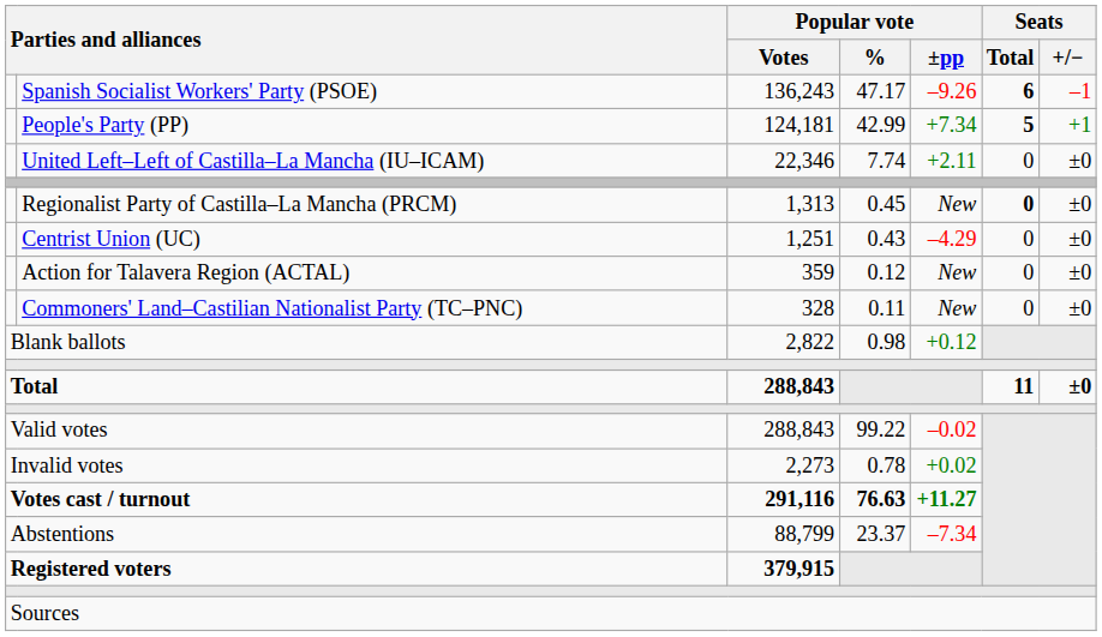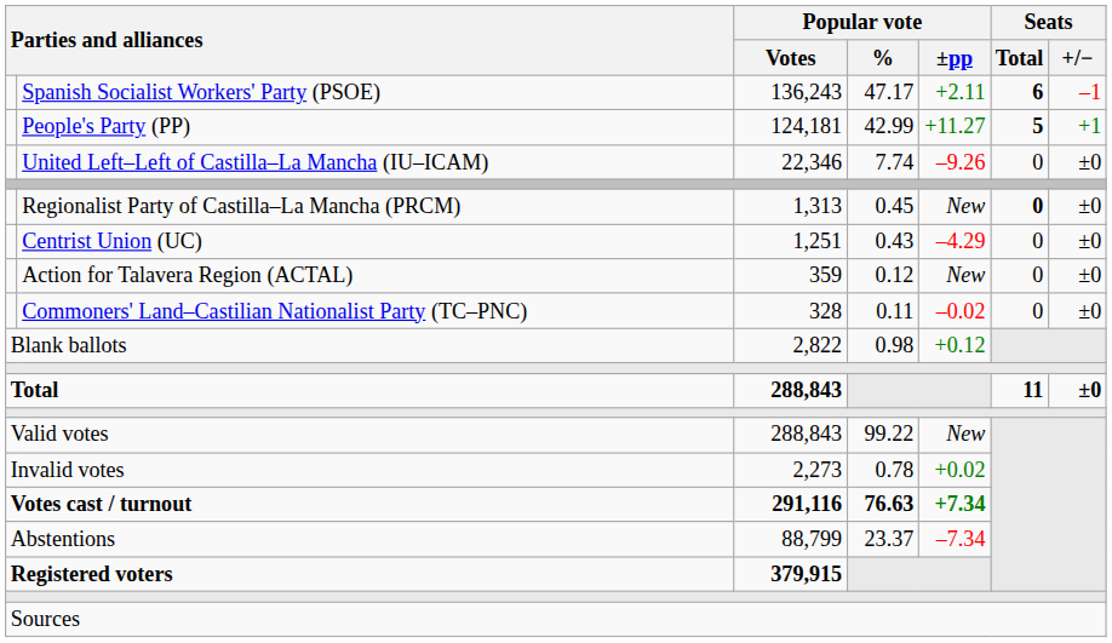 <table class="wikitable" style="text-align:right;">
 <tr>
 <th style="text-align:left;" rowspan="2" colspan="2" width="525">Parties and alliances</th>
 <th colspan="3">Popular vote</th>
 <th colspan="2">Seats</th>
 </tr>
 <tr>
 <th width="75">Votes</th>
 <th width="45">%</th>
 <th width="45">±<a href='#'>pp</a></th>
 <th width="35">Total</th>
 <th width="35">+/−</th>
 </tr>
 <tr>
 <td width="1" style="color:inherit;background:"></td>
 <td align="left"><a href='#'>Spanish Socialist Workers' Party</a> (PSOE)</td>
 <td>136,243</td>
 <td>47.17</td>
-<td style="color:red;">–9.26</td>
+<td style="color:green;">+2.11</td>
 <td><strong>6</strong></td>
 <td style="color:red;">–1</td>
 </tr>
 <tr>
 <td style="color:inherit;background:"></td>
 <td align="left"><a href='#'>People's Party</a> (PP)</td>
 <td>124,181</td>
 <td>42.99</td>
-<td style="color:green;">+7.34</td>
+<td style="color:green;">+11.27</td>
 <td><strong>5</strong></td>
 <td style="color:green;">+1</td>
 </tr>
 <tr>
 <td style="color:inherit;background:"></td>
 <td align="left"><a href='#'>United Left–Left of Castilla–La Mancha</a> (IU–ICAM)</td>
 <td>22,346</td>
 <td>7.74</td>
-<td style="color:green;">+2.11</td>
+<td style="color:red;">–9.26</td>
 <td>0</td>
 <td>±0</td>
 </tr>
 <tr>
 <td colspan="7" bgcolor="#C0C0C0"></td>
 </tr>
 <tr>
 <td style="color:inherit;background:"></td>
 <td align="left">Regionalist Party of Castilla–La Mancha (PRCM)</td>
 <td>1,313</td>
 <td>0.45</td>
 <td><em>New</em></td>
 <td><strong>0</strong></td>
 <td>±0</td>
 </tr>
 <tr>
 <td style="color:inherit;background:"></td>
 <td align="left"><a href='#'>Centrist Union</a> (UC)</td>
 <td>1,251</td>
 <td>0.43</td>
 <td style="color:red;">–4.29</td>
 <td>0</td>
 <td>±0</td>
 </tr>
 <tr>
 <td style="color:inherit;background:"></td>
 <td align="left">Action for Talavera Region (ACTAL)</td>
 <td>359</td>
 <td>0.12</td>
 <td><em>New</em></td>
 <td>0</td>
 <td>±0</td>
 </tr>
 <tr>
 <td style="color:inherit;background:"></td>
 <td align="left"><a href='#'>Commoners' Land–Castilian Nationalist Party</a> (TC–PNC)</td>
 <td>328</td>
 <td>0.11</td>
-<td><em>New</em></td>
+<td style="color:red;">–0.02</td>
 <td>0</td>
 <td>±0</td>
 </tr>
 <tr>
 <td align="left" colspan="2">Blank ballots</td>
 <td>2,822</td>
 <td>0.98</td>
 <td style="color:green;">+0.12</td>
 <td bgcolor="#E9E9E9" colspan="2"></td>
 </tr>
 <tr>
 <td colspan="7" bgcolor="#E9E9E9"></td>
 </tr>
 <tr style="font-weight:bold;">
 <td align="left" colspan="2">Total</td>
 <td>288,843</td>
 <td bgcolor="#E9E9E9" colspan="2"></td>
 <td>11</td>
 <td>±0</td>
 </tr>
 <tr>
 <td colspan="7" bgcolor="#E9E9E9"></td>
 </tr>
 <tr>
 <td align="left" colspan="2">Valid votes</td>
 <td>288,843</td>
 <td>99.22</td>
-<td style="color:red;">–0.02</td>
+<td><em>New</em></td>
 <td bgcolor="#E9E9E9" colspan="2" rowspan="5"></td>
 </tr>
 <tr>
 <td align="left" colspan="2">Invalid votes</td>
 <td>2,273</td>
 <td>0.78</td>
 <td style="color:green;">+0.02</td>
 </tr>
 <tr style="font-weight:bold;">
 <td align="left" colspan="2">Votes cast / turnout</td>
 <td>291,116</td>
 <td>76.63</td>
-<td style="color:green;">+11.27</td>
+<td style="color:green;">+7.34</td>
 </tr>
 <tr>
 <td align="left" colspan="2">Abstentions</td>
 <td>88,799</td>
 <td>23.37</td>
 <td style="color:red;">–7.34</td>
 </tr>
 <tr style="font-weight:bold;">
 <td align="left" colspan="2">Registered voters</td>
 <td>379,915</td>
 <td bgcolor="#E9E9E9" colspan="2"></td>
 </tr>
 <tr>
 <td colspan="7" bgcolor="#E9E9E9"></td>
 </tr>
 <tr>
 <td align="left" colspan="7">Sources</td>
 </tr>
 </table>
